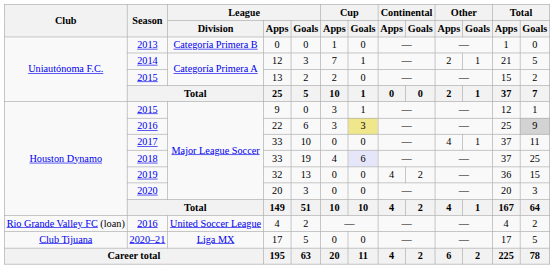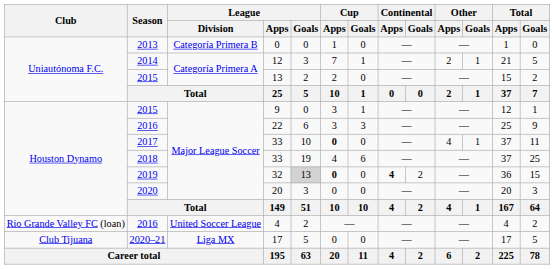 <table class="wikitable" style="text-align:center">
 <tr>
 <th rowspan="2">Club</th>
 <th rowspan="2">Season</th>
 <th colspan="3">League</th>
 <th colspan="2">Cup</th>
 <th colspan="2">Continental</th>
 <th colspan="2">Other</th>
 <th colspan="2">Total</th>
 </tr>
 <tr>
 <th>Division</th>
 <th>Apps</th>
 <th>Goals</th>
 <th>Apps</th>
 <th>Goals</th>
 <th>Apps</th>
 <th>Goals</th>
 <th>Apps</th>
 <th>Goals</th>
 <th>Apps</th>
 <th>Goals</th>
 </tr>
 <tr>
 <td rowspan="4"><a href='#'>Uniautónoma F.C.</a></td>
 <td><a href='#'>2013</a></td>
 <td><a href='#'>Categoría Primera B</a></td>
 <td>0</td>
 <td>0</td>
 <td>1</td>
 <td>0</td>
 <td colspan="2">—</td>
 <td colspan="2">—</td>
 <td>1</td>
 <td>0</td>
 </tr>
 <tr>
 <td><a href='#'>2014</a></td>
 <td rowspan="2"><a href='#'>Categoría Primera A</a></td>
 <td>12</td>
 <td>3</td>
 <td>7</td>
 <td>1</td>
 <td colspan="2">—</td>
 <td>2</td>
 <td>1</td>
 <td>21</td>
 <td>5</td>
 </tr>
 <tr>
 <td><a href='#'>2015</a></td>
 <td>13</td>
 <td>2</td>
 <td>2</td>
 <td>0</td>
 <td colspan="2">—</td>
 <td colspan="2">—</td>
 <td>15</td>
 <td>2</td>
 </tr>
 <tr>
 <th colspan="2">Total</th>
 <th>25</th>
 <th>5</th>
 <th>10</th>
 <th>1</th>
 <th>0</th>
 <th>0</th>
 <th>2</th>
 <th>1</th>
 <th>37</th>
 <th>7</th>
 </tr>
 <tr>
 <td rowspan="7"><a href='#'>Houston Dynamo</a></td>
 <td><a href='#'>2015</a></td>
 <td rowspan="6"><a href='#'>Major League Soccer</a></td>
 <td>9</td>
 <td>0</td>
 <td>3</td>
 <td>1</td>
 <td colspan="2">—</td>
 <td colspan="2">—</td>
 <td>12</td>
 <td>1</td>
 </tr>
 <tr>
 <td><a href='#'>2016</a></td>
 <td>22</td>
 <td>6</td>
 <td>3</td>
-<td style="background: khaki;">3</td>
+<td>3</td>
 <td colspan="2">—</td>
 <td colspan="2">—</td>
 <td>25</td>
-<td style="background: lightgrey;">9</td>
+<td>9</td>
 </tr>
 <tr>
 <td><a href='#'>2017</a></td>
 <td>33</td>
 <td>10</td>
-<td>0</td>
+<td><strong>0</strong></td>
 <td>0</td>
 <td colspan="2">—</td>
 <td>4</td>
 <td>1</td>
 <td>37</td>
 <td>11</td>
 </tr>
 <tr>
 <td><a href='#'>2018</a></td>
 <td>33</td>
 <td>19</td>
 <td>4</td>
-<td style="background: lavender;">6</td>
+<td>6</td>
 <td colspan="2">—</td>
 <td colspan="2">—</td>
 <td>37</td>
 <td>25</td>
 </tr>
 <tr>
 <td><a href='#'>2019</a></td>
 <td>32</td>
-<td>13</td>
+<td style="background: lightgrey;">13</td>
+<td><strong>0</strong></td>
 <td>0</td>
-<td>0</td>
-<td>4</td>
+<td><strong>4</strong></td>
 <td>2</td>
 <td colspan="2">—</td>
 <td>36</td>
 <td>15</td>
 </tr>
 <tr>
 <td><a href='#'>2020</a></td>
 <td>20</td>
 <td>3</td>
 <td>0</td>
 <td>0</td>
 <td colspan="2">—</td>
 <td colspan="2">—</td>
 <td>20</td>
 <td>3</td>
 </tr>
 <tr>
 <th colspan="2">Total</th>
 <th>149</th>
 <th>51</th>
 <th>10</th>
 <th>10</th>
 <th>4</th>
 <th>2</th>
 <th>4</th>
 <th>1</th>
 <th>167</th>
 <th>64</th>
 </tr>
 <tr>
 <td><a href='#'>Rio Grande Valley FC</a> (loan)</td>
 <td><a href='#'>2016</a></td>
 <td><a href='#'>United Soccer League</a></td>
 <td>4</td>
 <td>2</td>
 <td colspan="2">—</td>
 <td colspan="2">—</td>
 <td colspan="2">—</td>
 <td>4</td>
 <td>2</td>
 </tr>
 <tr>
 <td><a href='#'>Club Tijuana</a></td>
 <td><a href='#'>2020–21</a></td>
 <td><a href='#'>Liga MX</a></td>
 <td>17</td>
 <td>5</td>
 <td>0</td>
 <td>0</td>
 <td colspan="2">—</td>
 <td colspan="2">—</td>
 <td>17</td>
 <td>5</td>
 </tr>
 <tr>
 <th colspan="3">Career total</th>
 <th>195</th>
 <th>63</th>
 <th>20</th>
 <th>11</th>
 <th>4</th>
 <th>2</th>
 <th>6</th>
 <th>2</th>
 <th>225</th>
 <th>78</th>
 </tr>
 </table>
